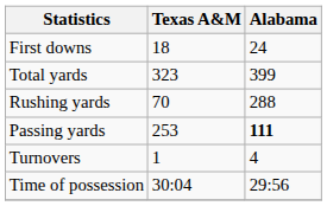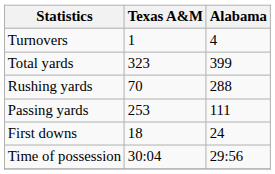 <table class="wikitable" style="float: left;">
 <tr>
 <th>Statistics</th>
 <th>Texas A&M</th>
 <th>Alabama</th>
 </tr>
 <tr>
-<td>First downs</td>
-<td>18</td>
-<td>24</td>
+<td>Turnovers</td>
+<td>1</td>
+<td>4</td>
 </tr>
 <tr>
 <td>Total yards</td>
 <td>323</td>
 <td>399</td>
 </tr>
 <tr>
 <td>Rushing yards</td>
 <td>70</td>
 <td>288</td>
 </tr>
 <tr>
 <td>Passing yards</td>
 <td>253</td>
-<td><strong>111</strong></td>
+<td>111</td>
 </tr>
 <tr>
-<td>Turnovers</td>
-<td>1</td>
-<td>4</td>
+<td>First downs</td>
+<td>18</td>
+<td>24</td>
 </tr>
 <tr>
 <td>Time of possession</td>
 <td>30:04</td>
 <td>29:56</td>
 </tr>
 <tr>
 </tr>
 </table>
